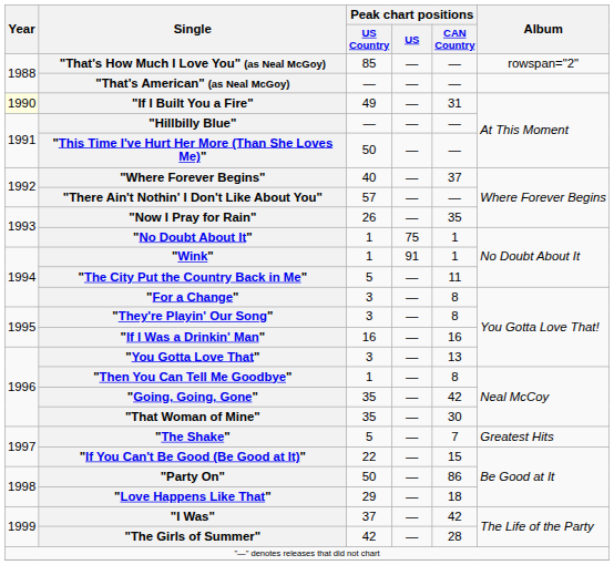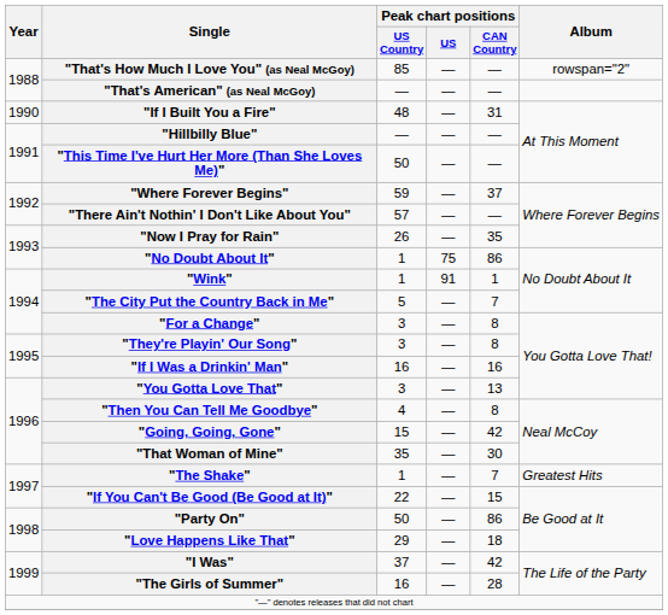 <table class="wikitable plainrowheaders" style="text-align:center;">
 <tr>
 <th rowspan="2">Year</th>
 <th rowspan="2" style="width:24em;">Single</th>
 <th colspan="3">Peak chart positions</th>
 <th rowspan="2">Album</th>
 </tr>
 <tr style="font-size:smaller;">
 <th width="45"><a href='#'>US Country</a><br></th>
 <th width="45"><a href='#'>US</a><br></th>
 <th width="45"><a href='#'>CAN Country</a></th>
 </tr>
 <tr>
 <td rowspan="2">1988</td>
 <th scope="row">"That's How Much I Love You" <small>(as Neal McGoy)</small></th>
 <td>85</td>
 <td>—</td>
 <td>—</td>
 <td>rowspan="2" </td>
 </tr>
 <tr>
 <th scope="row">"That's American" <small>(as Neal McGoy)</small></th>
 <td>—</td>
 <td>—</td>
 <td>—</td>
 </tr>
 <tr>
-<td style="background: lightyellow;">1990</td>
+<td>1990</td>
 <th scope="row">"If I Built You a Fire"</th>
-<td>49</td>
+<td>48</td>
 <td>—</td>
 <td>31</td>
 <td align="left" rowspan="3"><em>At This Moment</em></td>
 </tr>
 <tr>
 <td rowspan="2">1991</td>
 <th scope="row">"Hillbilly Blue"</th>
 <td>—</td>
 <td>—</td>
 <td>—</td>
 </tr>
 <tr>
 <th scope="row">"<a href='#'>This Time I've Hurt Her More (Than She Loves Me)</a>"</th>
 <td>50</td>
 <td>—</td>
 <td>—</td>
 </tr>
 <tr>
 <td rowspan="2">1992</td>
 <th scope="row">"Where Forever Begins"</th>
-<td>40</td>
+<td>59</td>
 <td>—</td>
 <td>37</td>
 <td align="left" rowspan="3"><em>Where Forever Begins</em></td>
 </tr>
 <tr>
 <th scope="row">"There Ain't Nothin' I Don't Like About You"</th>
 <td>57</td>
 <td>—</td>
 <td>—</td>
 </tr>
 <tr>
 <td rowspan="2">1993</td>
 <th scope="row">"Now I Pray for Rain"</th>
 <td>26</td>
 <td>—</td>
 <td>35</td>
 </tr>
 <tr>
 <th scope="row">"<a href='#'>No Doubt About It</a>"</th>
 <td>1</td>
 <td>75</td>
-<td>1</td>
+<td>86</td>
 <td align="left" rowspan="3"><em>No Doubt About It</em></td>
 </tr>
 <tr>
 <td rowspan="3">1994</td>
 <th scope="row">"<a href='#'>Wink</a>"</th>
 <td>1</td>
 <td>91</td>
 <td>1</td>
 </tr>
 <tr>
 <th scope="row">"<a href='#'>The City Put the Country Back in Me</a>"</th>
 <td>5</td>
 <td>—</td>
-<td>11</td>
+<td>7</td>
 </tr>
 <tr>
 <th scope="row">"<a href='#'>For a Change</a>"</th>
 <td>3</td>
 <td>—</td>
 <td>8</td>
 <td align="left" rowspan="4"><em>You Gotta Love That!</em></td>
 </tr>
 <tr>
 <td rowspan="2">1995</td>
 <th scope="row">"<a href='#'>They're Playin' Our Song</a>"</th>
 <td>3</td>
 <td>—</td>
 <td>8</td>
 </tr>
 <tr>
 <th scope="row">"<a href='#'>If I Was a Drinkin' Man</a>"</th>
 <td>16</td>
 <td>—</td>
 <td>16</td>
 </tr>
 <tr>
 <td rowspan="4">1996</td>
 <th scope="row">"<a href='#'>You Gotta Love That</a>"</th>
 <td>3</td>
 <td>—</td>
 <td>13</td>
 </tr>
 <tr>
 <th scope="row">"<a href='#'>Then You Can Tell Me Goodbye</a>"</th>
-<td>1</td>
+<td>4</td>
 <td>—</td>
 <td>8</td>
 <td align="left" rowspan="3"><em>Neal McCoy</em></td>
 </tr>
 <tr>
 <th scope="row">"<a href='#'>Going, Going, Gone</a>"</th>
-<td>35</td>
+<td>15</td>
 <td>—</td>
 <td>42</td>
 </tr>
 <tr>
 <th scope="row">"That Woman of Mine"</th>
 <td>35</td>
 <td>—</td>
 <td>30</td>
 </tr>
 <tr>
 <td rowspan="2">1997</td>
 <th scope="row">"<a href='#'>The Shake</a>"</th>
-<td>5</td>
+<td>1</td>
 <td>—</td>
 <td>7</td>
 <td align="left"><em>Greatest Hits</em></td>
 </tr>
 <tr>
 <th scope="row">"<a href='#'>If You Can't Be Good (Be Good at It)</a>"</th>
 <td>22</td>
 <td>—</td>
 <td>15</td>
 <td align="left" rowspan="3"><em>Be Good at It</em></td>
 </tr>
 <tr>
 <td rowspan="2">1998</td>
 <th scope="row">"Party On"</th>
 <td>50</td>
 <td>—</td>
 <td>86</td>
 </tr>
 <tr>
 <th scope="row">"<a href='#'>Love Happens Like That</a>"</th>
 <td>29</td>
 <td>—</td>
 <td>18</td>
 </tr>
 <tr>
 <td rowspan="2">1999</td>
 <th scope="row">"I Was"</th>
 <td>37</td>
 <td>—</td>
 <td>42</td>
 <td align="left" rowspan="2"><em>The Life of the Party</em></td>
 </tr>
 <tr>
 <th scope="row">"The Girls of Summer"</th>
-<td>42</td>
+<td>16</td>
 <td>—</td>
 <td>28</td>
 </tr>
 <tr>
 <td colspan="6" style="font-size:8pt">"—" denotes releases that did not chart</td>
 </tr>
 <tr>
 </tr>
 </table>
